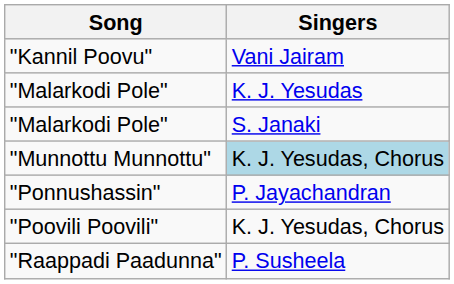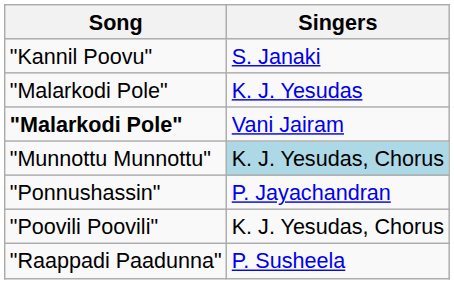 <table class="wikitable" style="font-size:95%;">
 <tr>
 <th>Song</th>
 <th>Singers</th>
 </tr>
 <tr>
 <td>"Kannil Poovu"</td>
-<td><a href='#'>Vani Jairam</a></td>
+<td><a href='#'>S. Janaki</a></td>
 </tr>
 <tr>
 <td>"Malarkodi Pole"</td>
 <td><a href='#'>K. J. Yesudas</a></td>
 </tr>
 <tr>
-<td>"Malarkodi Pole"</td>
-<td><a href='#'>S. Janaki</a></td>
+<td><strong>"Malarkodi Pole"</strong></td>
+<td><a href='#'>Vani Jairam</a></td>
 </tr>
 <tr>
 <td>"Munnottu Munnottu"</td>
 <td style="background: lightblue;">K. J. Yesudas, Chorus</td>
 </tr>
 <tr>
 <td>"Ponnushassin"</td>
 <td><a href='#'>P. Jayachandran</a></td>
 </tr>
 <tr>
 <td>"Poovili Poovili"</td>
 <td>K. J. Yesudas, Chorus</td>
 </tr>
 <tr>
 <td>"Raappadi Paadunna"</td>
 <td><a href='#'>P. Susheela</a></td>
 </tr>
 </table>
